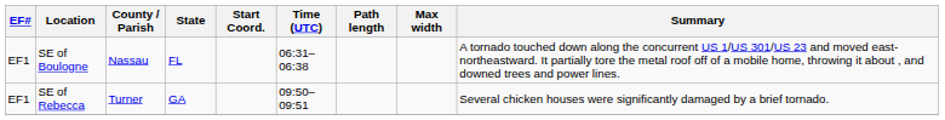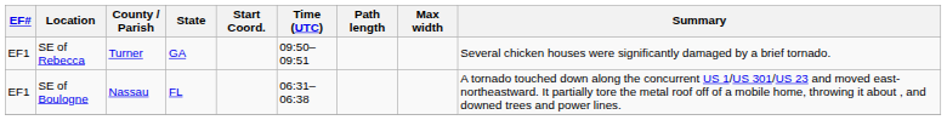 <table class="wikitable sortable" style="width:100%;">
 <tr>
 <th scope="col"  style="width:3%; text-align:center;"><a href='#'>EF#</a></th>
 <th scope="col"  style="width:7%; text-align:center;" class="unsortable">Location</th>
 <th scope="col"  style="width:6%; text-align:center;" class="unsortable">County / Parish</th>
 <th scope="col"  style="width:5%; text-align:center;">State</th>
 <th scope="col"  style="width:6%; text-align:center;">Start Coord.</th>
 <th scope="col"  style="width:6%; text-align:center;">Time (<a href='#'>UTC</a>)</th>
 <th scope="col"  style="width:6%; text-align:center;">Path length</th>
 <th scope="col"  style="width:6%; text-align:center;">Max width</th>
 <th scope="col" class="unsortable" style="width:48%; text-align:center;">Summary</th>
 </tr>
 <tr>
 <td>EF1</td>
+<td>SE of <a href='#'>Rebecca</a></td>
+<td><a href='#'>Turner</a></td>
+<td><a href='#'>GA</a></td>
+<td></td>
+<td>09:50–09:51</td>
+<td></td>
+<td></td>
+<td>Several chicken houses were significantly damaged by a brief tornado.</td>
+</tr>
+<tr>
+<td>EF1</td>
 <td>SE of <a href='#'>Boulogne</a></td>
 <td><a href='#'>Nassau</a></td>
 <td><a href='#'>FL</a></td>
 <td></td>
 <td>06:31–06:38</td>
 <td></td>
 <td></td>
 <td>A tornado touched down along the concurrent <a href='#'>US 1</a>/<a href='#'>US 301</a>/<a href='#'>US 23</a> and moved east-northeastward. It partially tore the metal roof off of a mobile home, throwing it about , and downed trees and power lines.</td>
 </tr>
 <tr>
-<td>EF1</td>
-<td>SE of <a href='#'>Rebecca</a></td>
-<td><a href='#'>Turner</a></td>
-<td><a href='#'>GA</a></td>
-<td></td>
-<td>09:50–09:51</td>
-<td></td>
-<td></td>
-<td>Several chicken houses were significantly damaged by a brief tornado.</td>
-</tr>
-<tr>
 </tr>
 </table>
